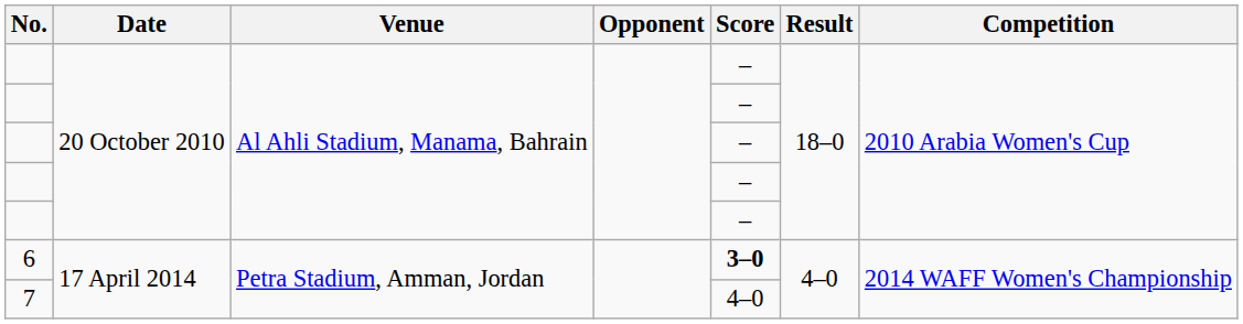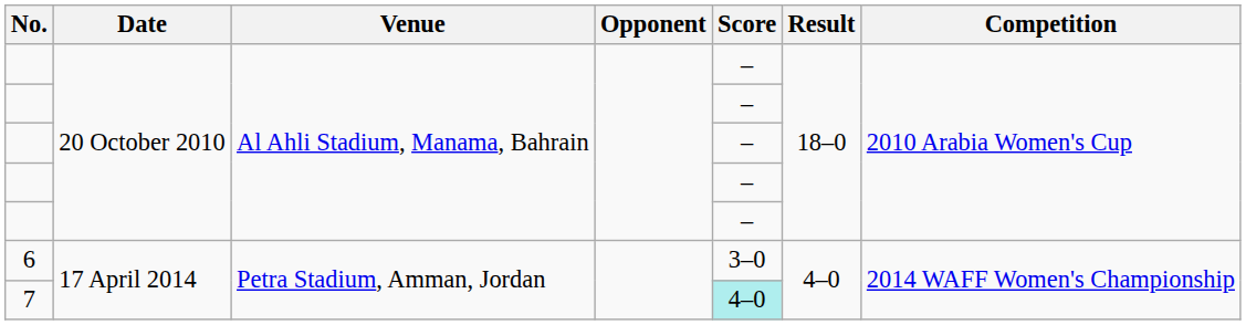 <table class="wikitable sortable">
 <tr>
 <th scope="col">No.</th>
 <th scope="col">Date</th>
 <th scope="col">Venue</th>
 <th scope="col">Opponent</th>
 <th scope="col">Score</th>
 <th scope="col">Result</th>
 <th scope="col">Competition</th>
 </tr>
 <tr>
 <td align="center"></td>
 <td rowspan="5">20 October 2010</td>
 <td rowspan="5"><a href='#'>Al Ahli Stadium</a>, <a href='#'>Manama</a>, Bahrain</td>
 <td rowspan="5"></td>
 <td align="center">–</td>
 <td rowspan="5" align="center">18–0</td>
 <td rowspan="5"><a href='#'>2010 Arabia Women's Cup</a></td>
 </tr>
 <tr>
 <td align="center"></td>
 <td align="center">–</td>
 </tr>
 <tr>
 <td align="center"></td>
 <td align="center">–</td>
 </tr>
 <tr>
 <td align="center"></td>
 <td align="center">–</td>
 </tr>
 <tr>
 <td align="center"></td>
 <td align="center">–</td>
 </tr>
 <tr>
 <td align="center">6</td>
 <td rowspan="2">17 April 2014</td>
 <td rowspan="2"><a href='#'>Petra Stadium</a>, Amman, Jordan</td>
 <td rowspan="2"></td>
-<td align="center"><strong>3–0</strong></td>
+<td align="center">3–0</td>
 <td rowspan="2" align="center">4–0</td>
 <td rowspan="2"><a href='#'>2014 WAFF Women's Championship</a></td>
 </tr>
 <tr>
 <td align="center">7</td>
-<td align="center">4–0</td>
+<td align="center" style="background: paleturquoise;">4–0</td>
 </tr>
 </table>
